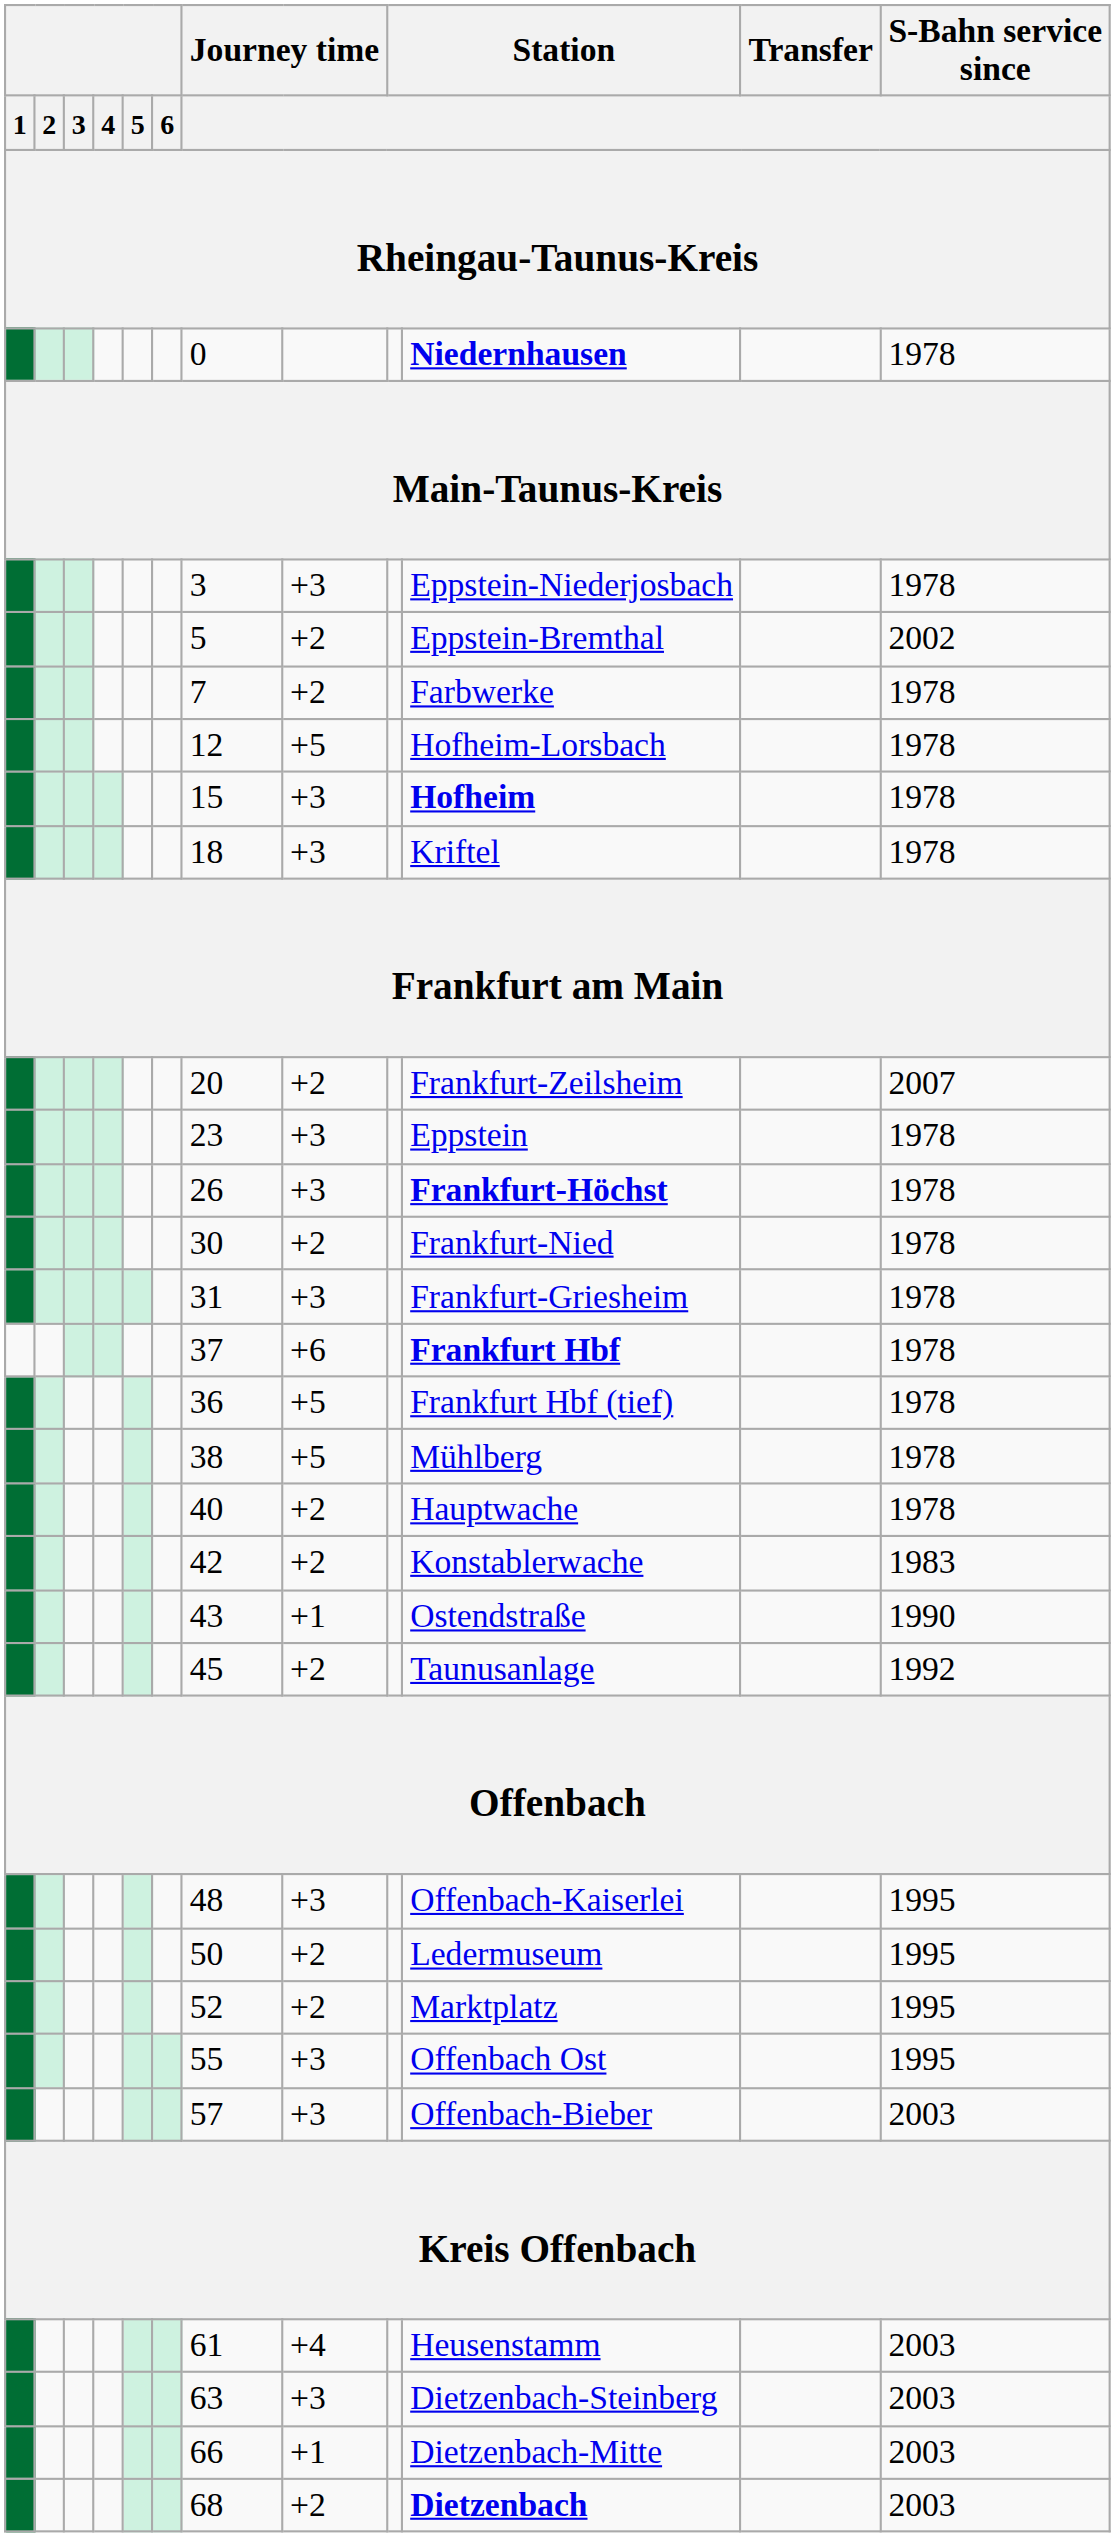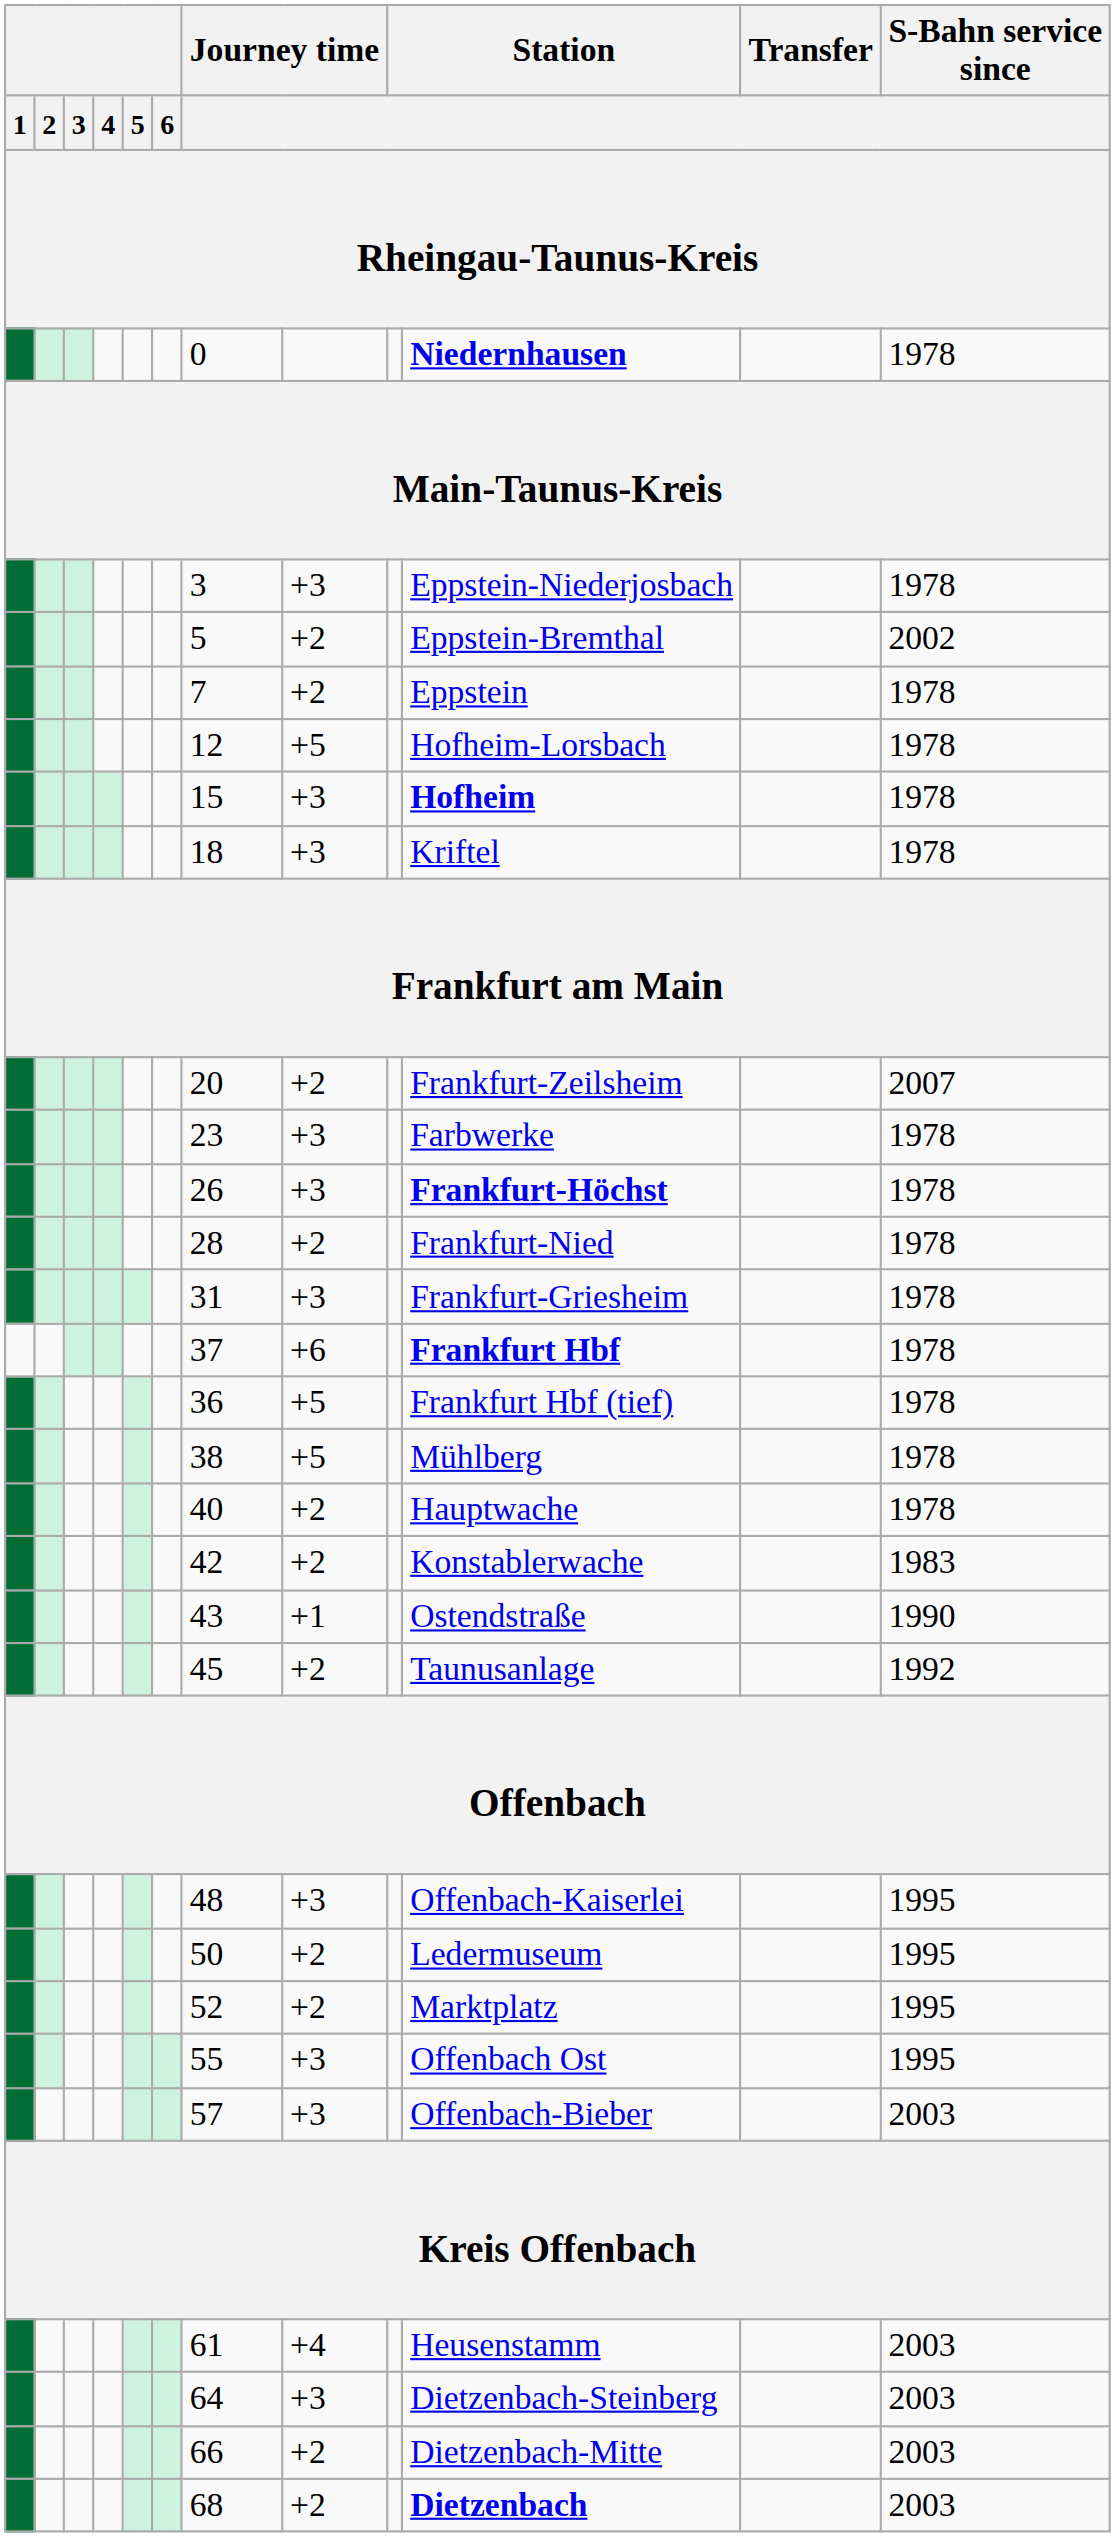 <table class="wikitable" summary="Stations of the S2 service">
 <tr>
 <th colspan="6" align="center" scope="col"></th>
 <th colspan="2">Journey time</th>
 <th colspan="2" scope="col">Station</th>
 <th scope="col">Transfer</th>
 <th scope="col">S-Bahn service<br>since</th>
 </tr>
 <tr>
 <th><small>1</small></th>
 <th><small>2</small></th>
 <th><small>3</small></th>
 <th><small>4</small></th>
 <th><small>5</small></th>
 <th><small>6</small></th>
 <th colspan="8"></th>
 </tr>
 <tr>
 <th colspan="13" align="center" class="hintergrundfarbe5"><br><h3>Rheingau-Taunus-Kreis</h3></th>
 </tr>
 <tr>
 <td style="background-color:#006e34"></td>
 <td style="background-color:#cef2e0"></td>
 <td style="background-color:#cef2e0"></td>
 <td></td>
 <td></td>
 <td></td>
 <td>0</td>
 <td></td>
 <td></td>
 <td><strong><a href='#'>Niedernhausen</a></strong></td>
 <td></td>
 <td>1978</td>
 </tr>
 <tr>
 <th colspan="13" align="center" class="hintergrundfarbe5"><br><h3>Main-Taunus-Kreis</h3></th>
 </tr>
 <tr>
 <td style="background-color:#006e34"></td>
 <td style="background-color:#cef2e0"></td>
 <td style="background-color:#cef2e0"></td>
 <td></td>
 <td></td>
 <td></td>
 <td>3</td>
 <td>+3</td>
 <td></td>
 <td><a href='#'>Eppstein-Niederjosbach</a></td>
 <td></td>
 <td>1978</td>
 </tr>
 <tr>
 <td style="background-color:#006e34"></td>
 <td style="background-color:#cef2e0"></td>
 <td style="background-color:#cef2e0"></td>
 <td></td>
 <td></td>
 <td></td>
 <td>5</td>
 <td>+2</td>
 <td></td>
 <td><a href='#'>Eppstein-Bremthal</a></td>
 <td></td>
 <td>2002</td>
 </tr>
 <tr>
 <td style="background-color:#006e34"></td>
 <td style="background-color:#cef2e0"></td>
 <td style="background-color:#cef2e0"></td>
 <td></td>
 <td></td>
 <td></td>
 <td>7</td>
 <td>+2</td>
 <td></td>
-<td><a href='#'>Farbwerke</a></td>
+<td><a href='#'>Eppstein</a></td>
 <td></td>
 <td>1978</td>
 </tr>
 <tr>
 <td style="background-color:#006e34"></td>
 <td style="background-color:#cef2e0"></td>
 <td style="background-color:#cef2e0"></td>
 <td></td>
 <td></td>
 <td></td>
 <td>12</td>
 <td>+5</td>
 <td></td>
 <td><a href='#'>Hofheim-Lorsbach</a></td>
 <td></td>
 <td>1978</td>
 </tr>
 <tr>
 <td style="background-color:#006e34"></td>
 <td style="background-color:#cef2e0"></td>
 <td style="background-color:#cef2e0"></td>
 <td style="background-color:#cef2e0"></td>
 <td></td>
 <td></td>
 <td>15</td>
 <td>+3</td>
 <td></td>
 <td><strong><a href='#'>Hofheim</a></strong></td>
 <td></td>
 <td>1978</td>
 </tr>
 <tr>
 <td style="background-color:#006e34"></td>
 <td style="background-color:#cef2e0"></td>
 <td style="background-color:#cef2e0"></td>
 <td style="background-color:#cef2e0"></td>
 <td></td>
 <td></td>
 <td>18</td>
 <td>+3</td>
 <td></td>
 <td><a href='#'>Kriftel</a></td>
 <td></td>
 <td>1978</td>
 </tr>
 <tr>
 <th colspan="13" align="center" class="hintergrundfarbe5"><br><h3>Frankfurt am Main</h3></th>
 </tr>
 <tr>
 <td style="background-color:#006e34"></td>
 <td style="background-color:#cef2e0"></td>
 <td style="background-color:#cef2e0"></td>
 <td style="background-color:#cef2e0"></td>
 <td></td>
 <td></td>
 <td>20</td>
 <td>+2</td>
 <td></td>
 <td><a href='#'>Frankfurt-Zeilsheim</a></td>
 <td></td>
 <td>2007</td>
 </tr>
 <tr>
 <td style="background-color:#006e34"></td>
 <td style="background-color:#cef2e0"></td>
 <td style="background-color:#cef2e0"></td>
 <td style="background-color:#cef2e0"></td>
 <td></td>
 <td></td>
 <td>23</td>
 <td>+3</td>
 <td></td>
-<td><a href='#'>Eppstein</a></td>
+<td><a href='#'>Farbwerke</a></td>
 <td></td>
 <td>1978</td>
 </tr>
 <tr>
 <td style="background-color:#006e34"></td>
 <td style="background-color:#cef2e0"></td>
 <td style="background-color:#cef2e0"></td>
 <td style="background-color:#cef2e0"></td>
 <td></td>
 <td></td>
 <td>26</td>
 <td>+3</td>
 <td></td>
 <td><strong><a href='#'>Frankfurt-Höchst</a></strong></td>
 <td></td>
 <td>1978</td>
 </tr>
 <tr>
 <td style="background-color:#006e34"></td>
 <td style="background-color:#cef2e0"></td>
 <td style="background-color:#cef2e0"></td>
 <td style="background-color:#cef2e0"></td>
 <td></td>
 <td></td>
-<td>30</td>
+<td>28</td>
 <td>+2</td>
 <td></td>
 <td><a href='#'>Frankfurt-Nied</a></td>
 <td></td>
 <td>1978</td>
 </tr>
 <tr>
 <td style="background-color:#006e34"></td>
 <td style="background-color:#cef2e0"></td>
 <td style="background-color:#cef2e0"></td>
 <td style="background-color:#cef2e0"></td>
 <td style="background-color:#cef2e0"></td>
 <td></td>
 <td>31</td>
 <td>+3</td>
 <td></td>
 <td><a href='#'>Frankfurt-Griesheim</a></td>
 <td></td>
 <td>1978</td>
 </tr>
 <tr>
 <td></td>
 <td></td>
 <td style="background-color:#cef2e0"></td>
 <td style="background-color:#cef2e0"></td>
 <td></td>
 <td></td>
 <td>37</td>
 <td>+6</td>
 <td></td>
 <td><strong><a href='#'>Frankfurt Hbf</a></strong></td>
 <td>         </td>
 <td>1978</td>
 </tr>
 <tr>
 <td style="background-color:#006e34"></td>
 <td style="background-color:#cef2e0"></td>
 <td></td>
 <td></td>
 <td style="background-color:#cef2e0"></td>
 <td></td>
 <td>36</td>
 <td>+5</td>
 <td></td>
 <td><a href='#'>Frankfurt Hbf (tief)</a></td>
 <td>         </td>
 <td>1978</td>
 </tr>
 <tr>
 <td style="background-color:#006e34"></td>
 <td style="background-color:#cef2e0"></td>
 <td></td>
 <td></td>
 <td style="background-color:#cef2e0"></td>
 <td></td>
 <td>38</td>
 <td>+5</td>
 <td></td>
 <td><a href='#'>Mühlberg</a></td>
 <td>      </td>
 <td>1978</td>
 </tr>
 <tr>
 <td style="background-color:#006e34"></td>
 <td style="background-color:#cef2e0"></td>
 <td></td>
 <td></td>
 <td style="background-color:#cef2e0"></td>
 <td></td>
 <td>40</td>
 <td>+2</td>
 <td></td>
 <td><a href='#'>Hauptwache</a></td>
 <td>            </td>
 <td>1978</td>
 </tr>
 <tr>
 <td style="background-color:#006e34"></td>
 <td style="background-color:#cef2e0"></td>
 <td></td>
 <td></td>
 <td style="background-color:#cef2e0"></td>
 <td></td>
 <td>42</td>
 <td>+2</td>
 <td></td>
 <td><a href='#'>Konstablerwache</a></td>
 <td>          </td>
 <td>1983</td>
 </tr>
 <tr>
 <td style="background-color:#006e34"></td>
 <td style="background-color:#cef2e0"></td>
 <td></td>
 <td></td>
 <td style="background-color:#cef2e0"></td>
 <td></td>
 <td>43</td>
 <td>+1</td>
 <td></td>
 <td><a href='#'>Ostendstraße</a></td>
 <td>      </td>
 <td>1990</td>
 </tr>
 <tr>
 <td style="background-color:#006e34"></td>
 <td style="background-color:#cef2e0"></td>
 <td></td>
 <td></td>
 <td style="background-color:#cef2e0"></td>
 <td></td>
 <td>45</td>
 <td>+2</td>
 <td></td>
 <td><a href='#'>Taunusanlage</a></td>
 <td>  </td>
 <td>1992</td>
 </tr>
 <tr>
 <th colspan="13" align="center" class="hintergrundfarbe5"><br><h3>Offenbach</h3></th>
 </tr>
 <tr>
 <td style="background-color:#006e34"></td>
 <td style="background-color:#cef2e0"></td>
 <td></td>
 <td></td>
 <td style="background-color:#cef2e0"></td>
 <td></td>
 <td>48</td>
 <td>+3</td>
 <td></td>
 <td><a href='#'>Offenbach-Kaiserlei</a></td>
 <td>  </td>
 <td>1995</td>
 </tr>
 <tr>
 <td style="background-color:#006e34"></td>
 <td style="background-color:#cef2e0"></td>
 <td></td>
 <td></td>
 <td style="background-color:#cef2e0"></td>
 <td></td>
 <td>50</td>
 <td>+2</td>
 <td></td>
 <td><a href='#'>Ledermuseum</a></td>
 <td>  </td>
 <td>1995</td>
 </tr>
 <tr>
 <td style="background-color:#006e34"></td>
 <td style="background-color:#cef2e0"></td>
 <td></td>
 <td></td>
 <td style="background-color:#cef2e0"></td>
 <td></td>
 <td>52</td>
 <td>+2</td>
 <td></td>
 <td><a href='#'>Marktplatz</a></td>
 <td>  </td>
 <td>1995</td>
 </tr>
 <tr>
 <td style="background-color:#006e34"></td>
 <td style="background-color:#cef2e0"></td>
 <td></td>
 <td></td>
 <td style="background-color:#cef2e0"></td>
 <td style="background-color:#cef2e0"></td>
 <td>55</td>
 <td>+3</td>
 <td></td>
 <td><a href='#'>Offenbach Ost</a></td>
 <td>  </td>
 <td>1995</td>
 </tr>
 <tr>
 <td style="background-color:#006e34"></td>
 <td></td>
 <td></td>
 <td></td>
 <td style="background-color:#cef2e0"></td>
 <td style="background-color:#cef2e0"></td>
 <td>57</td>
 <td>+3</td>
 <td></td>
 <td><a href='#'>Offenbach-Bieber</a></td>
 <td></td>
 <td>2003</td>
 </tr>
 <tr>
 <th colspan="13" align="center" class="hintergrundfarbe5"><br><h3>Kreis Offenbach</h3></th>
 </tr>
 <tr>
 <td style="background-color:#006e34"></td>
 <td></td>
 <td></td>
 <td></td>
 <td style="background-color:#cef2e0"></td>
 <td style="background-color:#cef2e0"></td>
 <td>61</td>
 <td>+4</td>
 <td></td>
 <td><a href='#'>Heusenstamm</a></td>
 <td></td>
 <td>2003</td>
 </tr>
 <tr>
 <td style="background-color:#006e34"></td>
 <td></td>
 <td></td>
 <td></td>
 <td style="background-color:#cef2e0"></td>
 <td style="background-color:#cef2e0"></td>
-<td>63</td>
+<td>64</td>
 <td>+3</td>
 <td></td>
 <td><a href='#'>Dietzenbach-Steinberg</a></td>
 <td></td>
 <td>2003</td>
 </tr>
 <tr>
 <td style="background-color:#006e34"></td>
 <td></td>
 <td></td>
 <td></td>
 <td style="background-color:#cef2e0"></td>
 <td style="background-color:#cef2e0"></td>
 <td>66</td>
-<td>+1</td>
+<td>+2</td>
 <td></td>
 <td><a href='#'>Dietzenbach-Mitte</a></td>
 <td></td>
 <td>2003</td>
 </tr>
 <tr>
 <td style="background-color:#006e34"></td>
 <td></td>
 <td></td>
 <td></td>
 <td style="background-color:#cef2e0"></td>
 <td style="background-color:#cef2e0"></td>
 <td>68</td>
 <td>+2</td>
 <td></td>
 <td><strong><a href='#'>Dietzenbach</a></strong></td>
 <td></td>
 <td>2003</td>
 </tr>
 </table>
